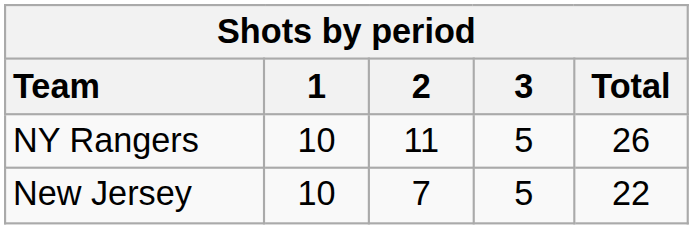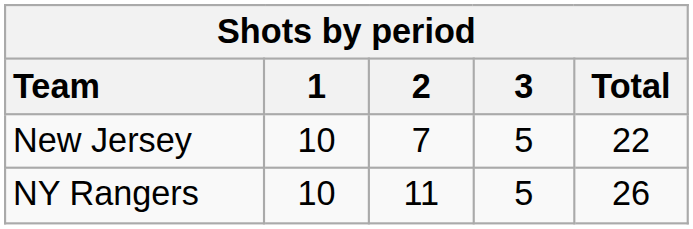 <table class="wikitable" style="width:20em; text-align:right;">
 <tr>
 <th colspan=5>Shots by period</th>
 </tr>
 <tr>
 <th style="width:8em; text-align:left;">Team</th>
 <th style="width:3em;">1</th>
 <th style="width:3em;">2</th>
 <th style="width:3em;">3</th>
 <th style="width:3em;">Total</th>
 </tr>
 <tr>
+<td style="text-align:left;">New Jersey</td>
+<td align=center>10</td>
+<td align=center>7</td>
+<td align=center>5</td>
+<td align=center>22</td>
+</tr>
+<tr>
 <td style="text-align:left;">NY Rangers</td>
 <td align=center>10</td>
 <td align=center>11</td>
 <td align=center>5</td>
 <td align=center>26</td>
 </tr>
-<tr>
-<td style="text-align:left;">New Jersey</td>
-<td align=center>10</td>
-<td align=center>7</td>
-<td align=center>5</td>
-<td align=center>22</td>
-</tr>
 </table>
